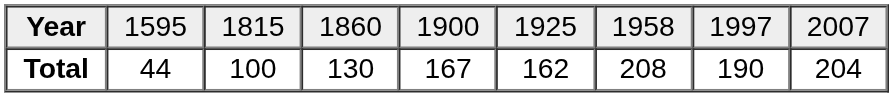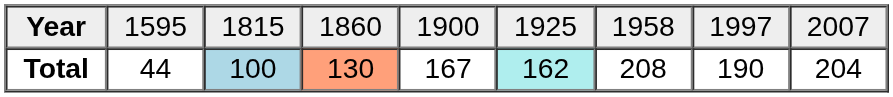 <table border="1" cellpadding="2" cellspacing="0" width="500">
 <tr bgcolor="#eeeeee" align="center">
 <td><strong>Year</strong></td>
 <td>1595</td>
 <td>1815</td>
 <td>1860</td>
 <td>1900</td>
 <td>1925</td>
 <td>1958</td>
 <td>1997</td>
 <td>2007</td>
 </tr>
 <tr align="center">
 <td><strong>Total</strong></td>
 <td>44</td>
-<td>100</td>
-<td>130</td>
+<td style="background: lightblue;">100</td>
+<td style="background: lightsalmon;">130</td>
 <td>167</td>
-<td>162</td>
+<td style="background: paleturquoise;">162</td>
 <td>208</td>
 <td>190</td>
 <td>204</td>
 </tr>
 </table>
